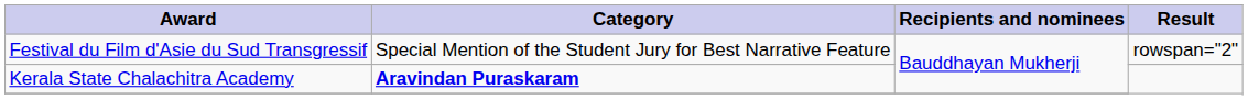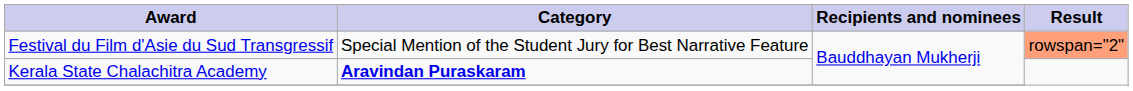 <table class="wikitable" style="font-size: 100%;">
 <tr align="center">
 <th style="background:#CCCCEE;">Award</th>
 <th style="background:#CCCCEE;">Category</th>
 <th style="background:#CCCCEE;">Recipients and nominees</th>
 <th style="background:#CCCCEE;">Result</th>
 </tr>
 <tr>
 <td><a href='#'>Festival du Film d'Asie du Sud Transgressif</a></td>
 <td>Special Mention of the Student Jury for Best Narrative Feature</td>
 <td rowspan="2"><a href='#'>Bauddhayan Mukherji</a></td>
-<td>rowspan="2" </td>
+<td style="background: lightsalmon;">rowspan="2" </td>
 </tr>
 <tr>
 <td><a href='#'>Kerala State Chalachitra Academy</a></td>
 <td><strong><a href='#'>Aravindan Puraskaram</a></strong></td>
 </tr>
 <tr>
 </tr>
 </table>
